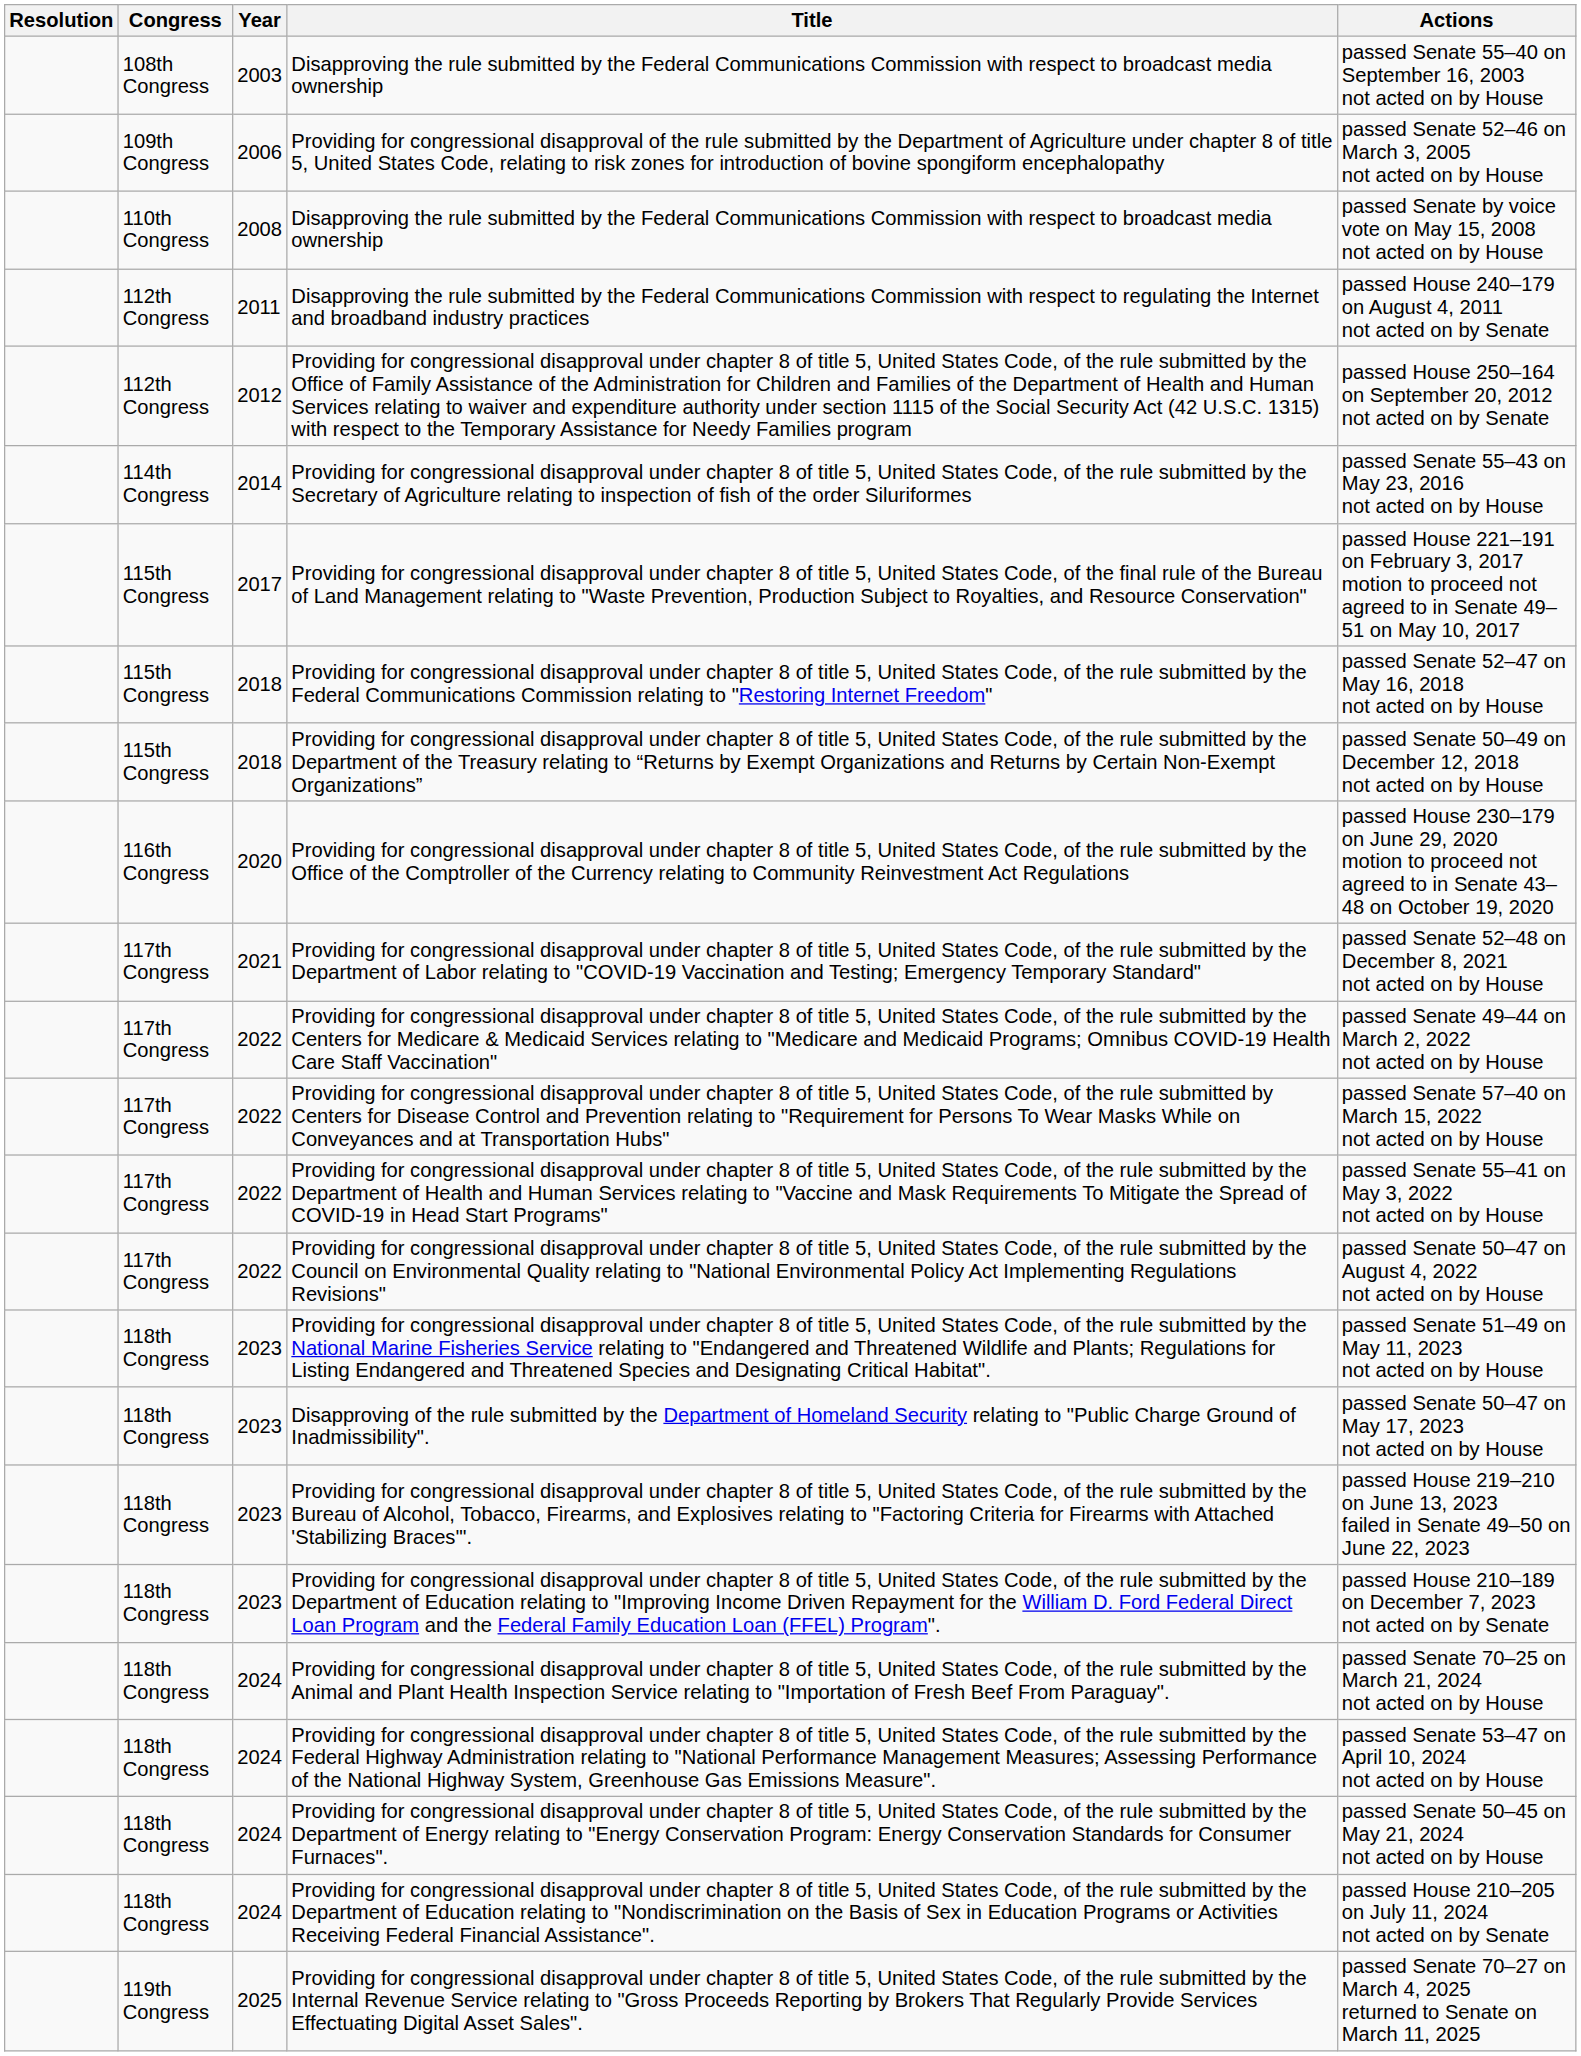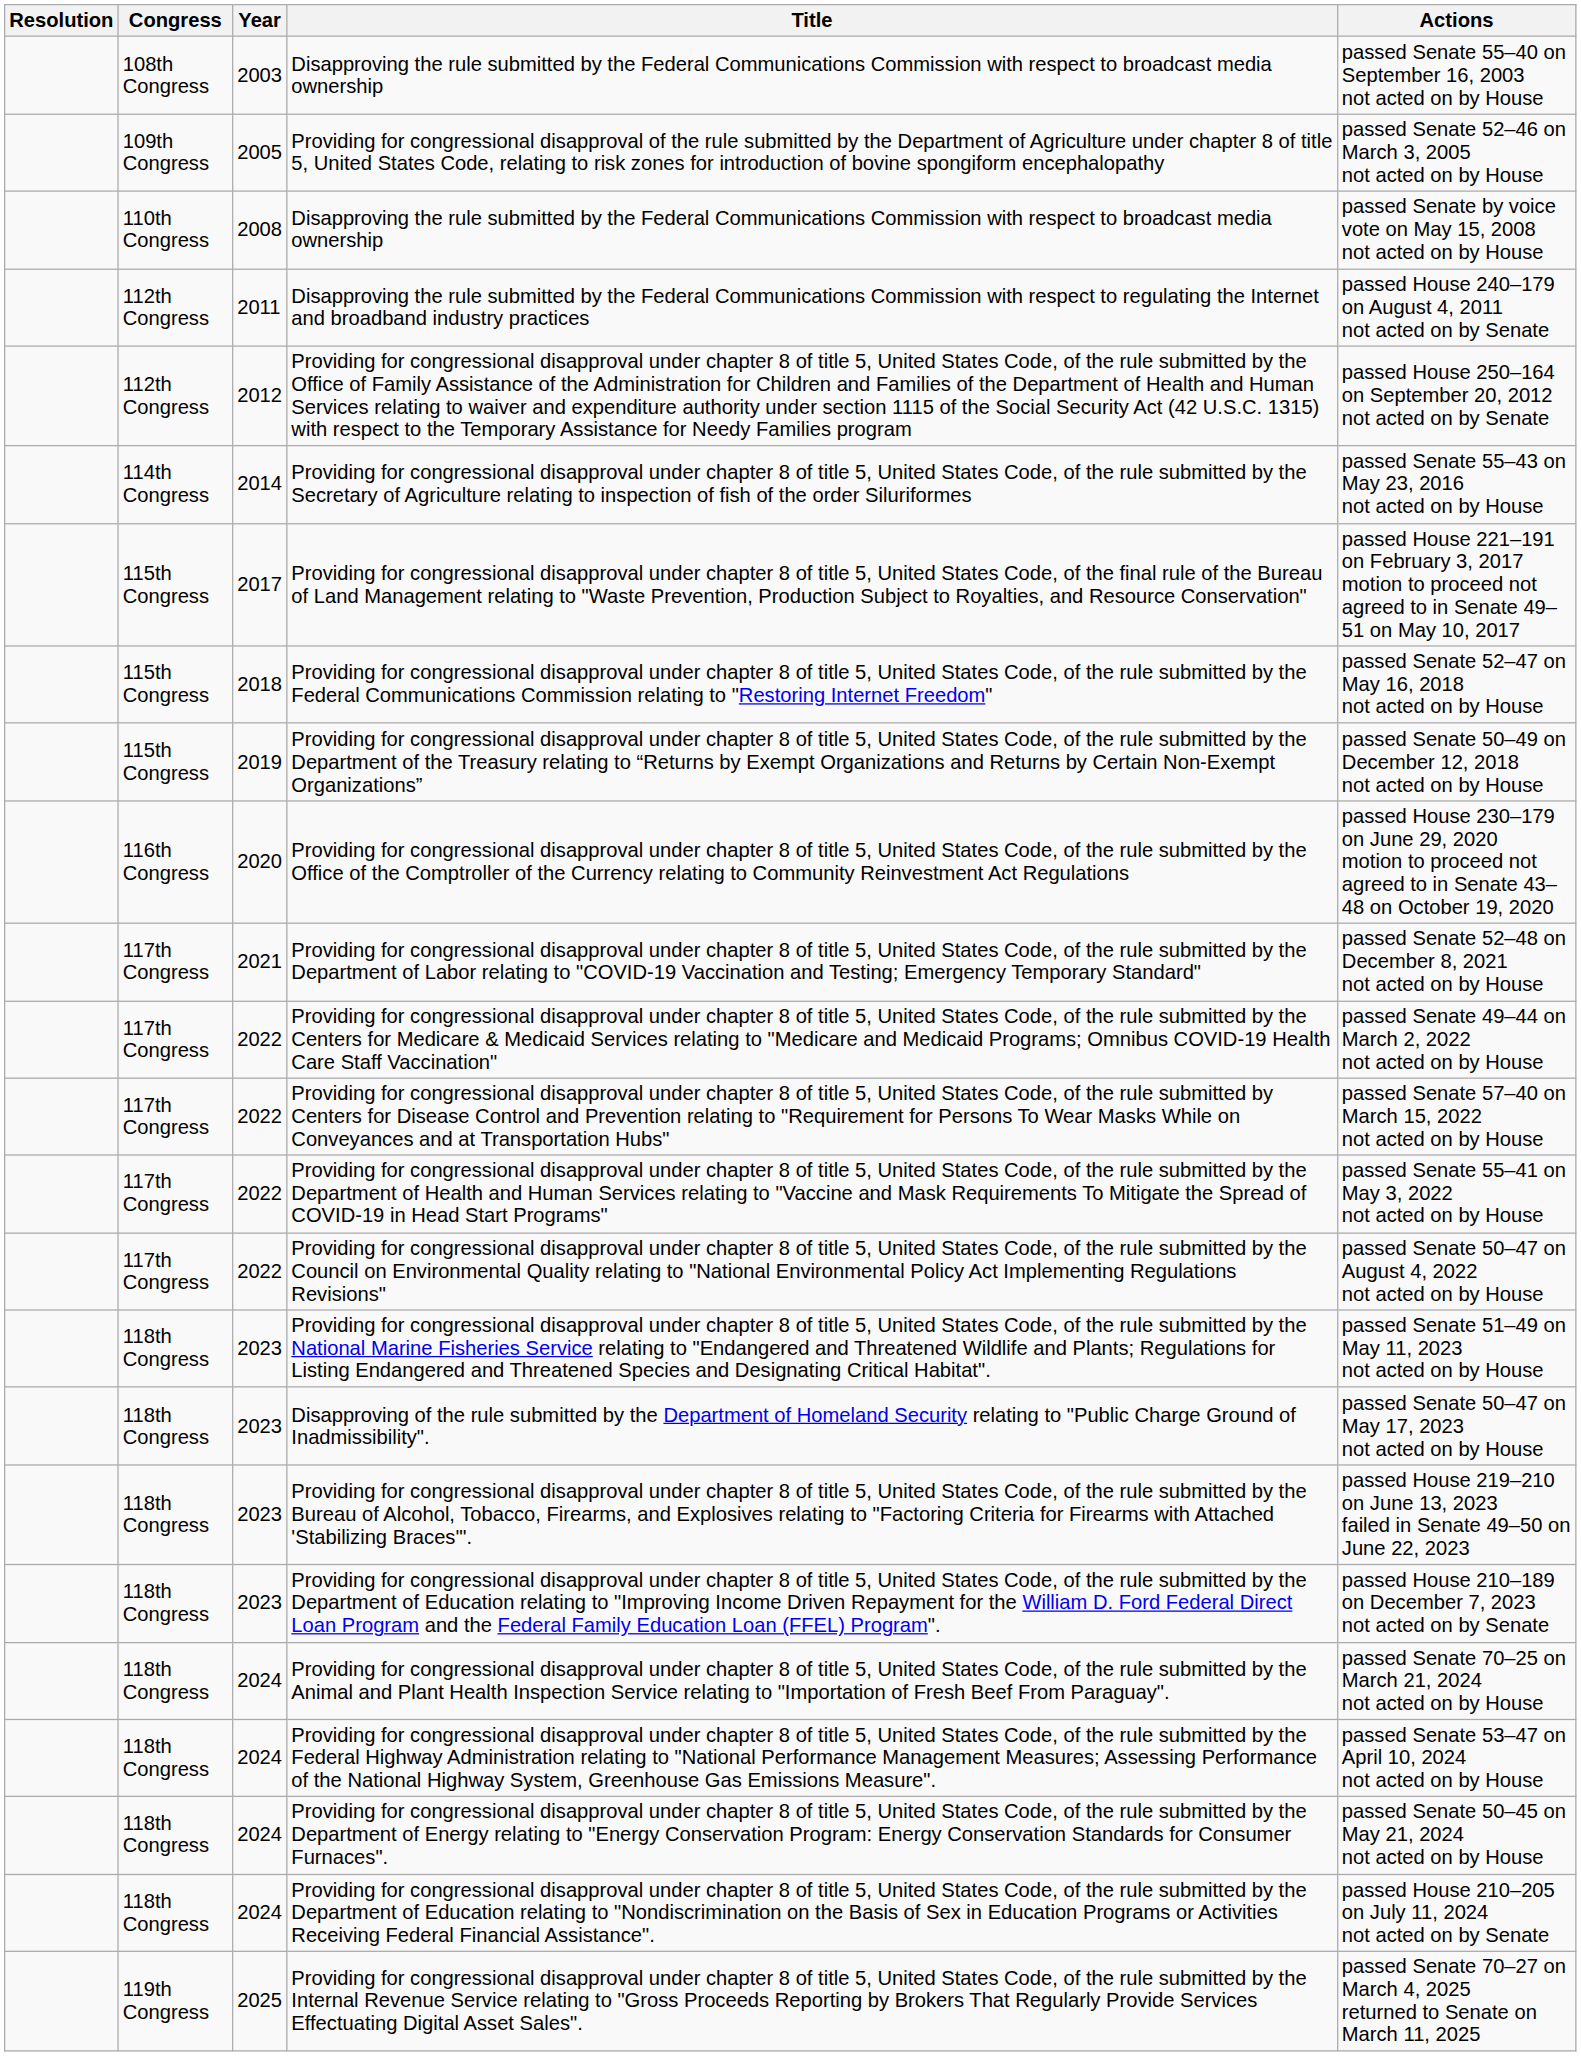 <table class="wikitable sortable">
 <tr>
 <th>Resolution</th>
 <th>Congress</th>
 <th>Year</th>
 <th>Title</th>
 <th>Actions</th>
 </tr>
 <tr>
 <td></td>
 <td>108th Congress</td>
 <td>2003</td>
 <td>Disapproving the rule submitted by the Federal Communications Commission with respect to broadcast media ownership</td>
 <td>passed Senate 55–40 on September 16, 2003<br>not acted on by House</td>
 </tr>
 <tr>
 <td></td>
 <td>109th Congress</td>
-<td>2006</td>
+<td>2005</td>
 <td>Providing for congressional disapproval of the rule submitted by the Department of Agriculture under chapter 8 of title 5, United States Code, relating to risk zones for introduction of bovine spongiform encephalopathy</td>
 <td>passed Senate 52–46 on March 3, 2005<br>not acted on by House</td>
 </tr>
 <tr>
 <td></td>
 <td>110th Congress</td>
 <td>2008</td>
 <td>Disapproving the rule submitted by the Federal Communications Commission with respect to broadcast media ownership</td>
 <td>passed Senate by voice vote on May 15, 2008<br>not acted on by House</td>
 </tr>
 <tr>
 <td></td>
 <td>112th Congress</td>
 <td>2011</td>
 <td>Disapproving the rule submitted by the Federal Communications Commission with respect to regulating the Internet and broadband industry practices</td>
 <td>passed House 240–179 on August 4, 2011<br>not acted on by Senate</td>
 </tr>
 <tr>
 <td></td>
 <td>112th Congress</td>
 <td>2012</td>
 <td>Providing for congressional disapproval under chapter 8 of title 5, United States Code, of the rule submitted by the Office of Family Assistance of the Administration for Children and Families of the Department of Health and Human Services relating to waiver and expenditure authority under section 1115 of the Social Security Act (42 U.S.C. 1315) with respect to the Temporary Assistance for Needy Families program</td>
 <td>passed House 250–164 on September 20, 2012<br>not acted on by Senate</td>
 </tr>
 <tr>
 <td></td>
 <td>114th Congress</td>
 <td>2014</td>
 <td>Providing for congressional disapproval under chapter 8 of title 5, United States Code, of the rule submitted by the Secretary of Agriculture relating to inspection of fish of the order Siluriformes</td>
 <td>passed Senate 55–43 on May 23, 2016<br>not acted on by House</td>
 </tr>
 <tr>
 <td></td>
 <td>115th Congress</td>
 <td>2017</td>
 <td>Providing for congressional disapproval under chapter 8 of title 5, United States Code, of the final rule of the Bureau of Land Management relating to "Waste Prevention, Production Subject to Royalties, and Resource Conservation"</td>
 <td>passed House 221–191 on February 3, 2017<br>motion to proceed not agreed to in Senate 49–51 on May 10, 2017</td>
 </tr>
 <tr>
 <td></td>
 <td>115th Congress</td>
 <td>2018</td>
 <td>Providing for congressional disapproval under chapter 8 of title 5, United States Code, of the rule submitted by the Federal Communications Commission relating to "<a href='#'>Restoring Internet Freedom</a>"</td>
 <td>passed Senate 52–47 on May 16, 2018<br>not acted on by House</td>
 </tr>
 <tr>
 <td></td>
 <td>115th Congress</td>
-<td>2018</td>
+<td>2019</td>
 <td>Providing for congressional disapproval under chapter 8 of title 5, United States Code, of the rule submitted by the Department of the Treasury relating to “Returns by Exempt Organizations and Returns by Certain Non-Exempt Organizations”</td>
 <td>passed Senate 50–49 on December 12, 2018<br>not acted on by House</td>
 </tr>
 <tr>
 <td></td>
 <td>116th Congress</td>
 <td>2020</td>
 <td>Providing for congressional disapproval under chapter 8 of title 5, United States Code, of the rule submitted by the Office of the Comptroller of the Currency relating to Community Reinvestment Act Regulations</td>
 <td>passed House 230–179 on June 29, 2020<br>motion to proceed not agreed to in Senate 43–48 on October 19, 2020</td>
 </tr>
 <tr>
 <td></td>
 <td>117th Congress</td>
 <td>2021</td>
 <td>Providing for congressional disapproval under chapter 8 of title 5, United States Code, of the rule submitted by the Department of Labor relating to "COVID-19 Vaccination and Testing; Emergency Temporary Standard"</td>
 <td>passed Senate 52–48 on December 8, 2021<br>not acted on by House</td>
 </tr>
 <tr>
 <td></td>
 <td>117th Congress</td>
 <td>2022</td>
 <td>Providing for congressional disapproval under chapter 8 of title 5, United States Code, of the rule submitted by the Centers for Medicare & Medicaid Services relating to "Medicare and Medicaid Programs; Omnibus COVID-19 Health Care Staff Vaccination"</td>
 <td>passed Senate 49–44 on March 2, 2022<br>not acted on by House</td>
 </tr>
 <tr>
 <td></td>
 <td>117th Congress</td>
 <td>2022</td>
 <td>Providing for congressional disapproval under chapter 8 of title 5, United States Code, of the rule submitted by Centers for Disease Control and Prevention relating to "Requirement for Persons To Wear Masks While on Conveyances and at Transportation Hubs"</td>
 <td>passed Senate 57–40 on March 15, 2022<br>not acted on by House</td>
 </tr>
 <tr>
 <td></td>
 <td>117th Congress</td>
 <td>2022</td>
 <td>Providing for congressional disapproval under chapter 8 of title 5, United States Code, of the rule submitted by the Department of Health and Human Services relating to "Vaccine and Mask Requirements To Mitigate the Spread of COVID-19 in Head Start Programs"</td>
 <td>passed Senate 55–41 on May 3, 2022<br>not acted on by House</td>
 </tr>
 <tr>
 <td></td>
 <td>117th Congress</td>
 <td>2022</td>
 <td>Providing for congressional disapproval under chapter 8 of title 5, United States Code, of the rule submitted by the Council on Environmental Quality relating to "National Environmental Policy Act Implementing Regulations Revisions"</td>
 <td>passed Senate 50–47 on August 4, 2022<br>not acted on by House</td>
 </tr>
 <tr>
 <td></td>
 <td>118th Congress</td>
 <td>2023</td>
 <td>Providing for congressional disapproval under chapter 8 of title 5, United States Code, of the rule submitted by the <a href='#'>National Marine Fisheries Service</a> relating to "Endangered and Threatened Wildlife and Plants; Regulations for Listing Endangered and Threatened Species and Designating Critical Habitat".</td>
 <td>passed Senate 51–49 on May 11, 2023<br>not acted on by House</td>
 </tr>
 <tr>
 <td></td>
 <td>118th Congress</td>
 <td>2023</td>
 <td>Disapproving of the rule submitted by the <a href='#'>Department of Homeland Security</a> relating to "Public Charge Ground of Inadmissibility".</td>
 <td>passed Senate 50–47 on May 17, 2023<br>not acted on by House</td>
 </tr>
 <tr>
 <td></td>
 <td>118th Congress</td>
 <td>2023</td>
 <td>Providing for congressional disapproval under chapter 8 of title 5, United States Code, of the rule submitted by the Bureau of Alcohol, Tobacco, Firearms, and Explosives relating to "Factoring Criteria for Firearms with Attached 'Stabilizing Braces'".</td>
 <td>passed House 219–210 on June 13, 2023<br>failed in Senate 49–50 on June 22, 2023</td>
 </tr>
 <tr>
 <td></td>
 <td>118th Congress</td>
 <td>2023</td>
 <td>Providing for congressional disapproval under chapter 8 of title 5, United States Code, of the rule submitted by the Department of Education relating to "Improving Income Driven Repayment for the <a href='#'>William D. Ford Federal Direct Loan Program</a> and the <a href='#'>Federal Family Education Loan (FFEL) Program</a>".</td>
 <td>passed House 210–189 on December 7, 2023<br>not acted on by Senate</td>
 </tr>
 <tr>
 <td></td>
 <td>118th Congress</td>
 <td>2024</td>
 <td>Providing for congressional disapproval under chapter 8 of title 5, United States Code, of the rule submitted by the Animal and Plant Health Inspection Service relating to "Importation of Fresh Beef From Paraguay".</td>
 <td>passed Senate 70–25 on March 21, 2024<br>not acted on by House</td>
 </tr>
 <tr>
 <td></td>
 <td>118th Congress</td>
 <td>2024</td>
 <td>Providing for congressional disapproval under chapter 8 of title 5, United States Code, of the rule submitted by the Federal Highway Administration relating to "National Performance Management Measures; Assessing Performance of the National Highway System, Greenhouse Gas Emissions Measure".</td>
 <td>passed Senate 53–47 on April 10, 2024<br>not acted on by House</td>
 </tr>
 <tr>
 <td></td>
 <td>118th Congress</td>
 <td>2024</td>
 <td>Providing for congressional disapproval under chapter 8 of title 5, United States Code, of the rule submitted by the Department of Energy relating to "Energy Conservation Program: Energy Conservation Standards for Consumer Furnaces".</td>
 <td>passed Senate 50–45 on May 21, 2024<br>not acted on by House</td>
 </tr>
 <tr>
 <td></td>
 <td>118th Congress</td>
 <td>2024</td>
 <td>Providing for congressional disapproval under chapter 8 of title 5, United States Code, of the rule submitted by the Department of Education relating to "Nondiscrimination on the Basis of Sex in Education Programs or Activities Receiving Federal Financial Assistance".</td>
 <td>passed House 210–205 on July 11, 2024<br>not acted on by Senate</td>
 </tr>
 <tr>
 <td></td>
 <td>119th Congress</td>
 <td>2025</td>
 <td>Providing for congressional disapproval under chapter 8 of title 5, United States Code, of the rule submitted by the Internal Revenue Service relating to "Gross Proceeds Reporting by Brokers That Regularly Provide Services Effectuating Digital Asset Sales".</td>
 <td>passed Senate 70–27 on March 4, 2025<br>returned to Senate on March 11, 2025</td>
 </tr>
 </table>
